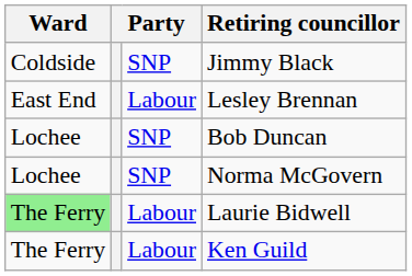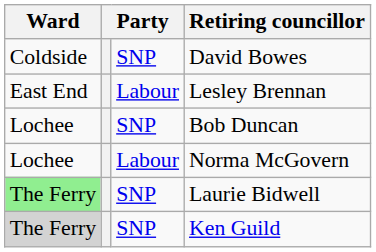 <table class="wikitable sortable">
 <tr>
 <th>Ward</th>
 <th colspan="2">Party</th>
 <th>Retiring councillor</th>
 </tr>
 <tr>
 <td>Coldside</td>
 <th style="background-color: "></th>
 <td><a href='#'>SNP</a></td>
-<td>Jimmy Black</td>
+<td>David Bowes</td>
 </tr>
 <tr>
 <td>East End</td>
 <th style="background-color: "></th>
 <td><a href='#'>Labour</a></td>
 <td>Lesley Brennan</td>
 </tr>
 <tr>
 <td>Lochee</td>
 <th style="background-color: "></th>
 <td><a href='#'>SNP</a></td>
 <td>Bob Duncan</td>
 </tr>
 <tr>
 <td>Lochee</td>
 <th style="background-color: "></th>
-<td><a href='#'>SNP</a></td>
+<td><a href='#'>Labour</a></td>
 <td>Norma McGovern</td>
 </tr>
 <tr>
 <td style="background: lightgreen;">The Ferry</td>
 <th style="background-color: "></th>
-<td><a href='#'>Labour</a></td>
+<td><a href='#'>SNP</a></td>
 <td>Laurie Bidwell</td>
 </tr>
 <tr>
-<td>The Ferry</td>
+<td style="background: lightgrey;">The Ferry</td>
 <th style="background-color: "></th>
-<td><a href='#'>Labour</a></td>
+<td><a href='#'>SNP</a></td>
 <td><a href='#'>Ken Guild</a></td>
 </tr>
 </table>
